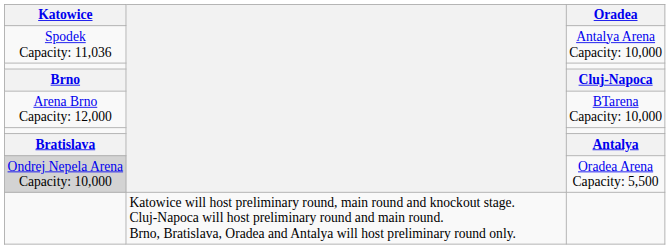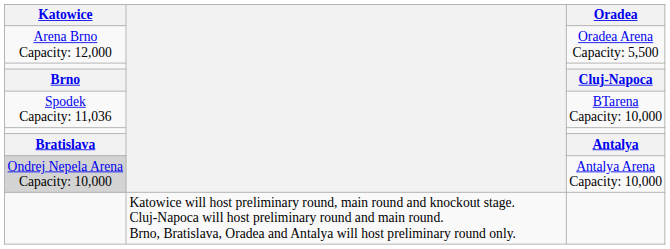 <table class="wikitable" style="text-align:center;">
 <tr>
 <th> <a href='#'>Katowice</a></th>
 <th rowspan=8 width=510px></th>
 <th> <a href='#'>Oradea</a></th>
 </tr>
 <tr>
-<td><a href='#'>Spodek</a><br>Capacity: 11,036</td>
-<td><a href='#'>Antalya Arena</a><br>Capacity: 10,000</td>
+<td><a href='#'>Arena Brno</a><br>Capacity: 12,000</td>
+<td><a href='#'>Oradea Arena</a><br>Capacity: 5,500</td>
 </tr>
 <tr>
 <td></td>
 <td></td>
 </tr>
 <tr>
 <th> <a href='#'>Brno</a></th>
 <th> <a href='#'>Cluj-Napoca</a></th>
 </tr>
 <tr>
-<td><a href='#'>Arena Brno</a><br>Capacity: 12,000</td>
+<td><a href='#'>Spodek</a><br>Capacity: 11,036</td>
 <td><a href='#'>BTarena</a><br>Capacity: 10,000</td>
 </tr>
 <tr>
 <td></td>
 <td></td>
 </tr>
 <tr>
 <th> <a href='#'>Bratislava</a></th>
 <th> <a href='#'>Antalya</a></th>
 </tr>
 <tr>
 <td style="background: lightgrey;"><a href='#'>Ondrej Nepela Arena</a><br>Capacity: 10,000</td>
-<td><a href='#'>Oradea Arena</a><br>Capacity: 5,500</td>
+<td><a href='#'>Antalya Arena</a><br>Capacity: 10,000</td>
 </tr>
 <tr>
 <td></td>
 <td align="left"> Katowice will host preliminary round, main round and knockout stage.<br> Cluj-Napoca will host preliminary round and main round.<br> Brno, Bratislava, Oradea and Antalya will host preliminary round only.</td>
 <td></td>
 </tr>
 </table>
